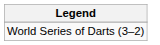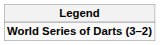 <table class="wikitable">
 <tr>
 <th>Legend</th>
 </tr>
 <tr style="background:#afeeee;">
 </tr>
 <tr>
-<td>World Series of Darts (3–2)</td>
+<td><strong>World Series of Darts (3–2)</strong></td>
 </tr>
 </table>
